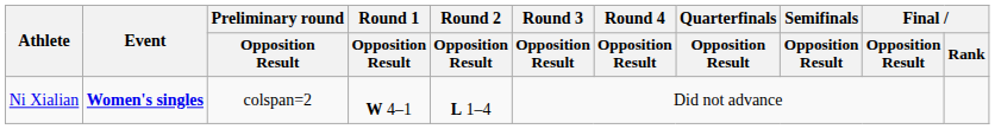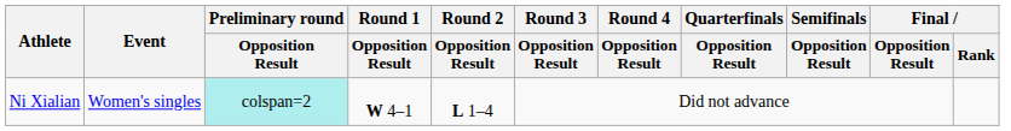 <table class="wikitable" style="font-size:90%">
 <tr>
 <th rowspan="2">Athlete</th>
 <th rowspan="2">Event</th>
 <th>Preliminary round</th>
 <th>Round 1</th>
 <th>Round 2</th>
 <th>Round 3</th>
 <th>Round 4</th>
 <th>Quarterfinals</th>
 <th>Semifinals</th>
 <th colspan=2>Final / </th>
 </tr>
 <tr style="font-size:95%">
 <th>Opposition<br>Result</th>
 <th>Opposition<br>Result</th>
 <th>Opposition<br>Result</th>
 <th>Opposition<br>Result</th>
 <th>Opposition<br>Result</th>
 <th>Opposition<br>Result</th>
 <th>Opposition<br>Result</th>
 <th>Opposition<br>Result</th>
 <th>Rank</th>
 </tr>
 <tr align=center>
 <td align=left><a href='#'>Ni Xialian</a></td>
-<td align=left><strong><a href='#'>Women's singles</a></strong></td>
-<td>colspan=2 </td>
+<td align=left><a href='#'>Women's singles</a></td>
+<td style="background: paleturquoise;">colspan=2 </td>
 <td><br><strong>W</strong> 4–1</td>
 <td><br><strong>L</strong> 1–4</td>
 <td colspan=5>Did not advance</td>
 </tr>
 </table>
